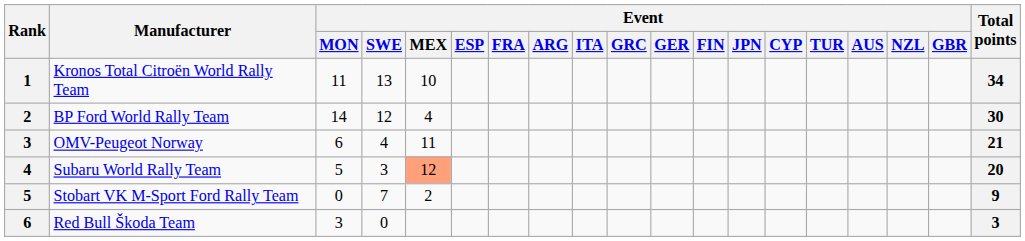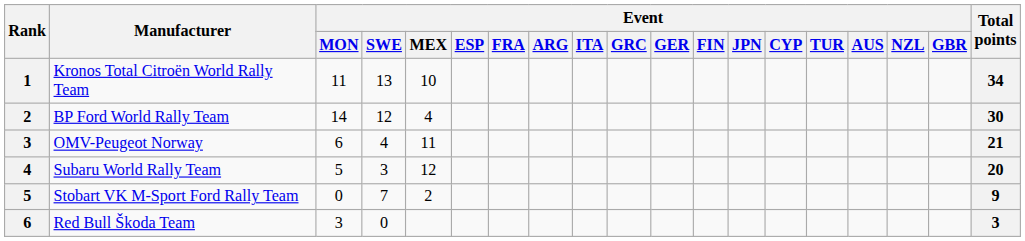 <table class="wikitable" style="text-align:center; font-size:90%;">
 <tr>
 <th rowspan=2>Rank</th>
 <th rowspan=2 style="width:16em">Manufacturer</th>
 <th colspan=16>Event</th>
 <th rowspan=2>Total<br>points</th>
 </tr>
 <tr valign="top">
 <th><a href='#'>MON</a><br></th>
 <th><a href='#'>SWE</a><br></th>
 <th>MEX<br></th>
 <th><a href='#'>ESP</a><br></th>
 <th><a href='#'>FRA</a><br></th>
 <th><a href='#'>ARG</a><br></th>
 <th><a href='#'>ITA</a><br></th>
 <th><a href='#'>GRC</a><br></th>
 <th><a href='#'>GER</a><br></th>
 <th><a href='#'>FIN</a><br></th>
 <th><a href='#'>JPN</a><br></th>
 <th><a href='#'>CYP</a><br></th>
 <th><a href='#'>TUR</a><br></th>
 <th><a href='#'>AUS</a><br></th>
 <th><a href='#'>NZL</a><br></th>
 <th><a href='#'>GBR</a><br></th>
 </tr>
 <tr>
 <th>1</th>
 <td align=left><a href='#'>Kronos Total Citroën World Rally Team</a></td>
 <td>11</td>
 <td>13</td>
 <td>10</td>
 <td></td>
 <td></td>
 <td></td>
 <td></td>
 <td></td>
 <td></td>
 <td></td>
 <td></td>
 <td></td>
 <td></td>
 <td></td>
 <td></td>
 <td></td>
 <th>34</th>
 </tr>
 <tr>
 <th>2</th>
 <td align=left><a href='#'>BP Ford World Rally Team</a></td>
 <td>14</td>
 <td>12</td>
 <td>4</td>
 <td></td>
 <td></td>
 <td></td>
 <td></td>
 <td></td>
 <td></td>
 <td></td>
 <td></td>
 <td></td>
 <td></td>
 <td></td>
 <td></td>
 <td></td>
 <th>30</th>
 </tr>
 <tr>
 <th>3</th>
 <td align=left><a href='#'>OMV-Peugeot Norway</a></td>
 <td>6</td>
 <td>4</td>
 <td>11</td>
 <td></td>
 <td></td>
 <td></td>
 <td></td>
 <td></td>
 <td></td>
 <td></td>
 <td></td>
 <td></td>
 <td></td>
 <td></td>
 <td></td>
 <td></td>
 <th>21</th>
 </tr>
 <tr>
 <th>4</th>
 <td align=left><a href='#'>Subaru World Rally Team</a></td>
 <td>5</td>
 <td>3</td>
-<td style="background: lightsalmon;">12</td>
+<td>12</td>
 <td></td>
 <td></td>
 <td></td>
 <td></td>
 <td></td>
 <td></td>
 <td></td>
 <td></td>
 <td></td>
 <td></td>
 <td></td>
 <td></td>
 <td></td>
 <th>20</th>
 </tr>
 <tr>
 <th>5</th>
 <td align=left><a href='#'>Stobart VK M-Sport Ford Rally Team</a></td>
 <td>0</td>
 <td>7</td>
 <td>2</td>
 <td></td>
 <td></td>
 <td></td>
 <td></td>
 <td></td>
 <td></td>
 <td></td>
 <td></td>
 <td></td>
 <td></td>
 <td></td>
 <td></td>
 <td></td>
 <th>9</th>
 </tr>
 <tr>
 <th>6</th>
 <td align=left><a href='#'>Red Bull Škoda Team</a></td>
 <td>3</td>
 <td>0</td>
 <td></td>
 <td></td>
 <td></td>
 <td></td>
 <td></td>
 <td></td>
 <td></td>
 <td></td>
 <td></td>
 <td></td>
 <td></td>
 <td></td>
 <td></td>
 <td></td>
 <th>3</th>
 </tr>
 </table>
